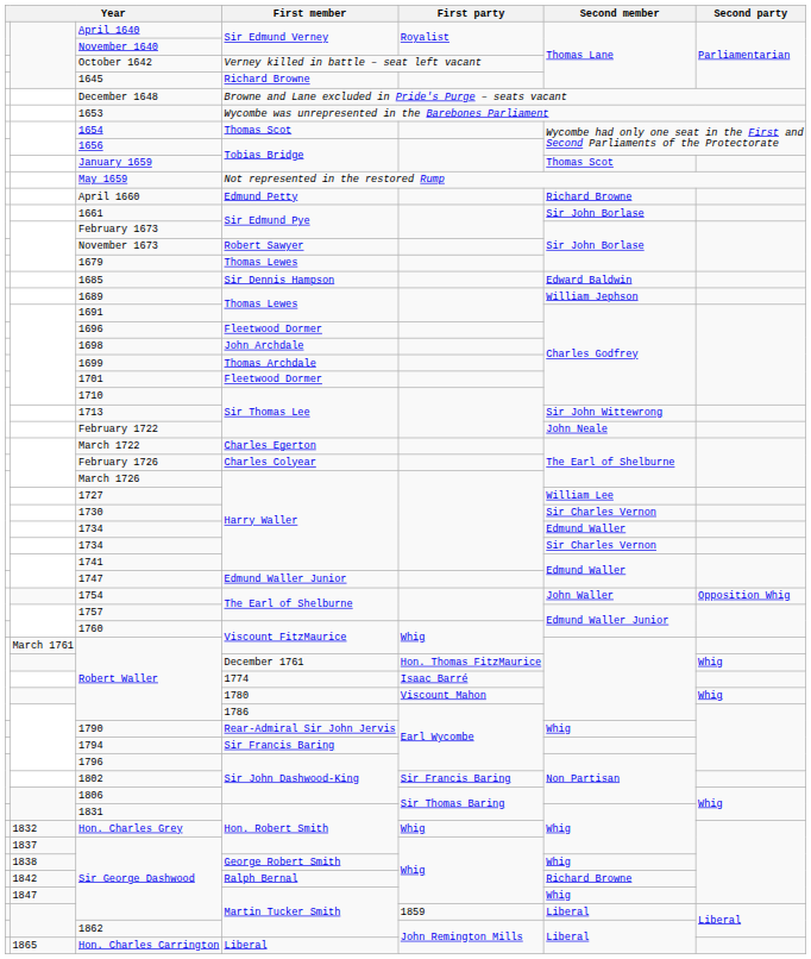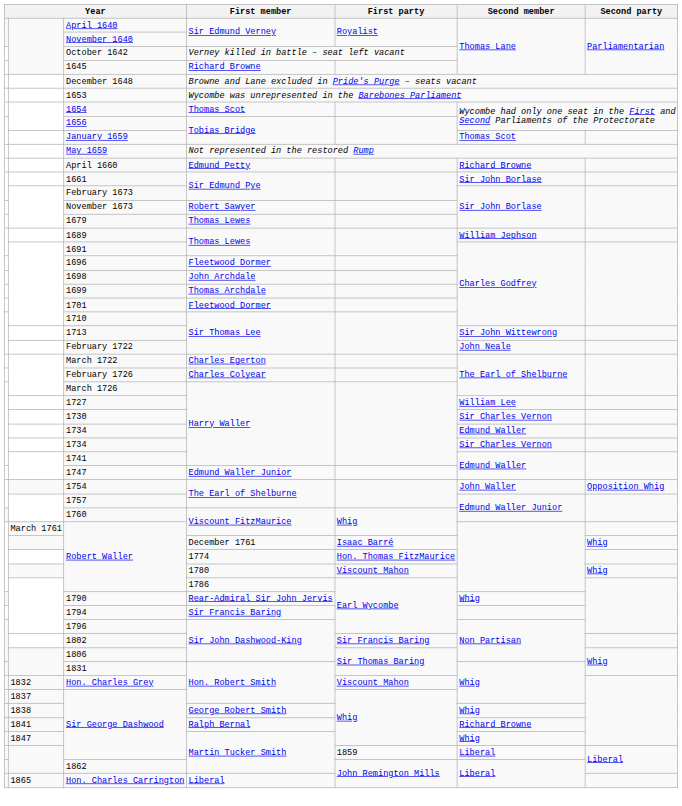 <table class="wikitable">
 <tr>
 <th colspan="3">Year</th>
 <th>First member</th>
 <th>First party</th>
 <th>Second member</th>
 <th>Second party</th>
 </tr>
 <tr>
 <td rowspan="2" style="color:inherit;background-color: "></td>
 <td rowspan="4" style="color:inherit;background-color: "></td>
 <td><a href='#'>April 1640</a></td>
 <td rowspan="2"><a href='#'>Sir Edmund Verney</a></td>
 <td rowspan="2"><a href='#'>Royalist</a></td>
 <td rowspan="4"><a href='#'>Thomas Lane</a></td>
 <td rowspan="4"><a href='#'>Parliamentarian</a></td>
 </tr>
 <tr>
 <td><a href='#'>November 1640</a></td>
 </tr>
 <tr>
 <td style="color:inherit;background-color: white"></td>
 <td>October 1642</td>
 <td colspan="2"><em>Verney killed in battle – seat left vacant</em></td>
 </tr>
 <tr>
 <td style="color:inherit;background-color: white"></td>
 <td>1645</td>
 <td><a href='#'>Richard Browne</a></td>
 <td></td>
 </tr>
 <tr>
 <td style="color:inherit;background-color: white"></td>
 <td style="color:inherit;background-color: white"></td>
 <td>December 1648</td>
 <td colspan="4"><em>Browne and Lane excluded in <a href='#'>Pride's Purge</a> – seats vacant</em></td>
 </tr>
 <tr>
 <td style="color:inherit;background-color: white"></td>
 <td style="color:inherit;background-color: white"></td>
 <td>1653</td>
 <td colspan="4"><em>Wycombe was unrepresented in the <a href='#'>Barebones Parliament</a></em></td>
 </tr>
 <tr>
 <td style="color:inherit;background-color: white"></td>
 <td rowspan="2" style="color:inherit;background-color: white"></td>
 <td><a href='#'>1654</a></td>
 <td><a href='#'>Thomas Scot</a></td>
 <td></td>
 <td rowspan="2" colspan="2"><em>Wycombe had only one seat in the <a href='#'>First</a>  and <br><a href='#'>Second</a> Parliaments of the Protectorate</em></td>
 </tr>
 <tr>
 <td rowspan="2" style="color:inherit;background-color: white"></td>
 <td><a href='#'>1656</a></td>
 <td rowspan="2"><a href='#'>Tobias Bridge</a></td>
 <td rowspan="2"></td>
 </tr>
 <tr>
 <td style="color:inherit;background-color: white"></td>
 <td><a href='#'>January 1659</a></td>
 <td><a href='#'>Thomas Scot</a></td>
 <td></td>
 </tr>
 <tr>
 <td style="color:inherit;background-color: white"></td>
 <td style="color:inherit;background-color: white"></td>
 <td><a href='#'>May 1659</a></td>
 <td colspan="4"><em>Not represented in the restored <a href='#'>Rump</a></em></td>
 </tr>
 <tr>
 <td style="color:inherit;background-color: white"></td>
 <td style="color:inherit;background-color: white"></td>
 <td>April 1660</td>
 <td><a href='#'>Edmund Petty</a></td>
 <td></td>
 <td><a href='#'>Richard Browne</a></td>
 <td></td>
 </tr>
 <tr>
 <td style="color:inherit;background-color: white" rowspan="2"></td>
 <td style="color:inherit;background-color: white"></td>
 <td>1661</td>
 <td rowspan="2"><a href='#'>Sir Edmund Pye</a></td>
 <td rowspan="2"></td>
 <td><a href='#'>Sir John Borlase</a></td>
 <td></td>
 </tr>
 <tr>
 <td style="color:inherit;background-color: white" rowspan="3"></td>
 <td>February 1673</td>
 <td rowspan="3"><a href='#'>Sir John Borlase</a></td>
 <td rowspan="3"></td>
 </tr>
 <tr>
 <td style="color:inherit;background-color: white"></td>
 <td>November 1673</td>
 <td><a href='#'>Robert Sawyer</a></td>
 <td></td>
 </tr>
 <tr>
 <td style="color:inherit;background-color: white"></td>
 <td>1679</td>
 <td><a href='#'>Thomas Lewes</a></td>
-<td></td>
-</tr>
-<tr>
-<td style="color:inherit;background-color: white"></td>
-<td style="color:inherit;background-color: white"></td>
-<td>1685</td>
-<td><a href='#'>Sir Dennis Hampson</a></td>
-<td></td>
-<td><a href='#'>Edward Baldwin</a></td>
 <td></td>
 </tr>
 <tr>
 <td style="color:inherit;background-color: white" rowspan="2"></td>
 <td style="color:inherit;background-color: white"></td>
 <td>1689</td>
 <td rowspan="2"><a href='#'>Thomas Lewes</a></td>
 <td rowspan="2"></td>
 <td><a href='#'>William Jephson</a></td>
 <td></td>
 </tr>
 <tr>
 <td style="color:inherit;background-color: white" rowspan="6"></td>
 <td>1691</td>
 <td rowspan="6"><a href='#'>Charles Godfrey</a></td>
 <td rowspan="6"></td>
 </tr>
 <tr>
 <td style="color:inherit;background-color: white"></td>
 <td>1696</td>
 <td><a href='#'>Fleetwood Dormer</a></td>
 <td></td>
 </tr>
 <tr>
 <td style="color:inherit;background-color: white"></td>
 <td>1698</td>
 <td><a href='#'>John Archdale</a></td>
 <td></td>
 </tr>
 <tr>
 <td style="color:inherit;background-color: white"></td>
 <td>1699</td>
 <td><a href='#'>Thomas Archdale</a></td>
 <td></td>
 </tr>
 <tr>
 <td style="color:inherit;background-color: white"></td>
 <td>1701</td>
 <td><a href='#'>Fleetwood Dormer</a></td>
 <td></td>
 </tr>
 <tr>
 <td style="color:inherit;background-color: white" rowspan="3"></td>
 <td>1710</td>
 <td rowspan="3"><a href='#'>Sir Thomas Lee</a></td>
 <td rowspan="3"></td>
 </tr>
 <tr>
 <td style="color:inherit;background-color: white"></td>
 <td>1713</td>
 <td><a href='#'>Sir John Wittewrong</a></td>
 <td></td>
 </tr>
 <tr>
 <td style="color:inherit;background-color: white"></td>
 <td>February 1722</td>
 <td><a href='#'>John Neale</a></td>
 <td></td>
 </tr>
 <tr>
 <td style="color:inherit;background-color: white"></td>
 <td style="color:inherit;background-color: white" rowspan="3"></td>
 <td>March 1722</td>
 <td><a href='#'>Charles Egerton</a></td>
 <td></td>
 <td rowspan="3"><a href='#'>The Earl of Shelburne</a></td>
 <td rowspan="3"></td>
 </tr>
 <tr>
 <td style="color:inherit;background-color: white"></td>
 <td>February 1726</td>
 <td><a href='#'>Charles Colyear</a></td>
 <td></td>
 </tr>
 <tr>
 <td style="color:inherit;background-color: white" rowspan="6"></td>
 <td>March 1726</td>
 <td rowspan="6"><a href='#'>Harry Waller</a></td>
 <td rowspan="6"></td>
 </tr>
 <tr>
 <td style="color:inherit;background-color: white"></td>
 <td>1727</td>
 <td><a href='#'>William Lee</a></td>
 <td></td>
 </tr>
 <tr>
 <td style="color:inherit;background-color: white"></td>
 <td>1730</td>
 <td><a href='#'>Sir Charles Vernon</a></td>
 <td></td>
 </tr>
 <tr>
 <td style="color:inherit;background-color: white"></td>
 <td>1734</td>
 <td><a href='#'>Edmund Waller</a></td>
 <td></td>
 </tr>
 <tr>
 <td style="color:inherit;background-color: white"></td>
 <td>1734</td>
 <td><a href='#'>Sir Charles Vernon</a></td>
 <td></td>
 </tr>
 <tr>
 <td rowspan="2" style="color:inherit;background-color: white"></td>
 <td>1741</td>
 <td rowspan="2"><a href='#'>Edmund Waller</a></td>
 <td rowspan="2"></td>
 </tr>
 <tr>
 <td style="color:inherit;background-color: white"></td>
 <td>1747</td>
 <td><a href='#'>Edmund Waller Junior</a></td>
 <td></td>
 </tr>
 <tr>
 <td style="color:inherit;background-color: white" rowspan="2"></td>
 <td style="color:inherit;background-color: "></td>
 <td>1754</td>
 <td rowspan="2"><a href='#'>The Earl of Shelburne</a></td>
 <td rowspan="2"></td>
 <td><a href='#'>John Waller</a></td>
 <td><a href='#'>Opposition Whig</a></td>
 </tr>
 <tr>
 <td style="color:inherit;background-color: white" rowspan="2"></td>
 <td>1757</td>
 <td rowspan="2"><a href='#'>Edmund Waller Junior</a></td>
 <td rowspan="2"></td>
 </tr>
 <tr>
 <td style="color:inherit;background-color: "></td>
 <td>1760</td>
 <td rowspan="2"><a href='#'>Viscount FitzMaurice</a></td>
 <td rowspan="2"><a href='#'>Whig</a></td>
 </tr>
 <tr>
 <td style="color:inherit;background-color: white" rowspan="5"></td>
 <td>March 1761</td>
 <td rowspan="5"><a href='#'>Robert Waller</a></td>
 <td rowspan="5"></td>
 </tr>
 <tr>
 <td style="color:inherit;background-color: "></td>
 <td>December 1761</td>
-<td><a href='#'>Hon. Thomas FitzMaurice</a></td>
+<td><a href='#'>Isaac Barré</a></td>
 <td><a href='#'>Whig</a></td>
 </tr>
 <tr>
 <td style="color:inherit;background-color: white"></td>
 <td>1774</td>
-<td><a href='#'>Isaac Barré</a></td>
+<td><a href='#'>Hon. Thomas FitzMaurice</a></td>
 <td></td>
 </tr>
 <tr>
 <td style="color:inherit;background-color: "></td>
 <td>1780</td>
 <td><a href='#'>Viscount Mahon</a></td>
 <td><a href='#'>Whig</a></td>
 </tr>
 <tr>
 <td style="color:inherit;background-color: white" rowspan="4"></td>
 <td>1786</td>
 <td rowspan="4"><a href='#'>Earl Wycombe</a></td>
 <td rowspan="4"></td>
 </tr>
 <tr>
 <td style="color:inherit;background-color: "></td>
 <td>1790</td>
 <td><a href='#'>Rear-Admiral Sir John Jervis</a></td>
 <td><a href='#'>Whig</a></td>
 </tr>
 <tr>
 <td style="color:inherit;background-color: white"></td>
 <td>1794</td>
 <td><a href='#'>Sir Francis Baring</a></td>
 <td></td>
 </tr>
 <tr>
 <td rowspan="3" style="color:inherit;background-color: "></td>
 <td>1796</td>
 <td rowspan="3"><a href='#'>Sir John Dashwood-King</a></td>
 <td rowspan="3"><a href='#'>Non Partisan</a></td>
 </tr>
 <tr>
 <td style="color:inherit;background-color: white"></td>
 <td>1802</td>
 <td><a href='#'>Sir Francis Baring</a></td>
 <td></td>
 </tr>
 <tr>
 <td rowspan="2" style="color:inherit;background-color: "></td>
 <td>1806</td>
 <td rowspan="2"><a href='#'>Sir Thomas Baring</a></td>
 <td rowspan="2"><a href='#'>Whig</a></td>
 </tr>
 <tr>
 <td style="color:inherit;background-color: "></td>
 <td>1831</td>
 <td rowspan="3"><a href='#'>Hon. Robert Smith</a></td>
 <td rowspan="3"><a href='#'>Whig</a></td>
 </tr>
 <tr>
 <td style="color:inherit;background-color: "></td>
 <td>1832</td>
 <td><a href='#'>Hon. Charles Grey</a></td>
-<td><a href='#'>Whig</a></td>
+<td><a href='#'>Viscount Mahon</a></td>
 </tr>
 <tr>
 <td style="color:inherit;background-color: "></td>
 <td>1837</td>
 <td rowspan="5"><a href='#'>Sir George Dashwood</a></td>
 <td rowspan="4"><a href='#'>Whig</a></td>
 </tr>
 <tr>
 <td style="color:inherit;background-color: "></td>
 <td>1838</td>
 <td><a href='#'>George Robert Smith</a></td>
 <td><a href='#'>Whig</a></td>
 </tr>
 <tr>
 <td style="color:inherit;background-color: "></td>
-<td>1842</td>
+<td>1841</td>
 <td><a href='#'>Ralph Bernal</a></td>
 <td><a href='#'>Richard Browne</a></td>
 </tr>
 <tr>
 <td style="color:inherit;background-color: "></td>
 <td>1847</td>
 <td rowspan="3"><a href='#'>Martin Tucker Smith</a></td>
 <td><a href='#'>Whig</a></td>
 </tr>
 <tr>
 <td style="color:inherit;background-color: "></td>
 <td rowspan="2" style="color:inherit;background-color: "></td>
 <td>1859</td>
 <td><a href='#'>Liberal</a></td>
 <td rowspan="2"><a href='#'>Liberal</a></td>
 </tr>
 <tr>
 <td style="color:inherit;background-color: "></td>
 <td>1862</td>
 <td rowspan="2"><a href='#'>John Remington Mills</a></td>
 <td rowspan="2"><a href='#'>Liberal</a></td>
 </tr>
 <tr>
 <td style="color:inherit;background-color: "></td>
 <td>1865</td>
 <td><a href='#'>Hon. Charles Carrington</a></td>
 <td><a href='#'>Liberal</a></td>
 </tr>
 </table>
